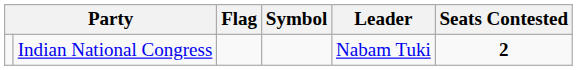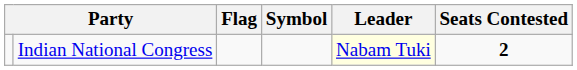 <table class="wikitable" style="text-align:center">
 <tr>
 <th colspan="2">Party</th>
 <th>Flag</th>
 <th>Symbol</th>
 <th>Leader</th>
 <th>Seats Contested</th>
 </tr>
 <tr>
 <td></td>
 <td><a href='#'>Indian National Congress</a></td>
 <td></td>
 <td></td>
-<td><a href='#'>Nabam Tuki</a></td>
+<td style="background: lightyellow;"><a href='#'>Nabam Tuki</a></td>
 <td><strong>2</strong></td>
 </tr>
 </table>
